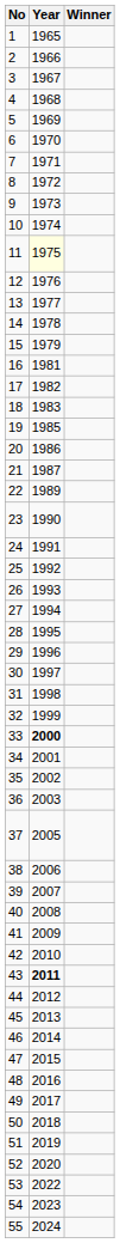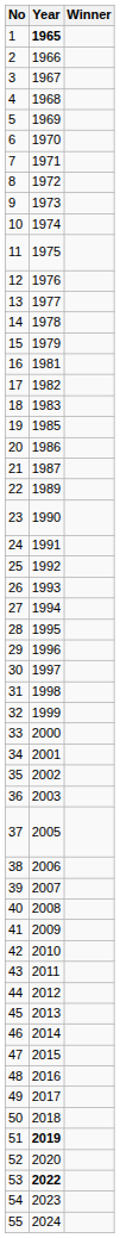 <table class="sortable wikitable">
 <tr>
 <th>No</th>
 <th>Year</th>
 <th>Winner</th>
 </tr>
 <tr>
 <td>1</td>
-<td>1965</td>
+<td><strong>1965</strong></td>
 <td></td>
 </tr>
 <tr>
 <td>2</td>
 <td>1966</td>
 <td><br> </td>
 </tr>
 <tr>
 <td>3</td>
 <td>1967</td>
 <td></td>
 </tr>
 <tr>
 <td>4</td>
 <td>1968</td>
 <td></td>
 </tr>
 <tr>
 <td>5</td>
 <td>1969</td>
 <td></td>
 </tr>
 <tr>
 <td>6</td>
 <td>1970</td>
 <td></td>
 </tr>
 <tr>
 <td>7</td>
 <td>1971</td>
 <td></td>
 </tr>
 <tr>
 <td>8</td>
 <td>1972</td>
 <td><br></td>
 </tr>
 <tr>
 <td>9</td>
 <td>1973</td>
 <td></td>
 </tr>
 <tr>
 <td>10</td>
 <td>1974</td>
 <td></td>
 </tr>
 <tr>
 <td>11</td>
-<td style="background: lightyellow;">1975</td>
+<td>1975</td>
 <td><br><br></td>
 </tr>
 <tr>
 <td>12</td>
 <td>1976</td>
 <td></td>
 </tr>
 <tr>
 <td>13</td>
 <td>1977</td>
 <td><br></td>
 </tr>
 <tr>
 <td>14</td>
 <td>1978</td>
 <td></td>
 </tr>
 <tr>
 <td>15</td>
 <td>1979</td>
 <td></td>
 </tr>
 <tr>
 <td>16</td>
 <td>1981</td>
 <td></td>
 </tr>
 <tr>
 <td>17</td>
 <td>1982</td>
 <td></td>
 </tr>
 <tr>
 <td>18</td>
 <td>1983</td>
 <td></td>
 </tr>
 <tr>
 <td>19</td>
 <td>1985</td>
 <td></td>
 </tr>
 <tr>
 <td>20</td>
 <td>1986</td>
 <td></td>
 </tr>
 <tr>
 <td>21</td>
 <td>1987</td>
 <td><br></td>
 </tr>
 <tr>
 <td>22</td>
 <td>1989</td>
 <td></td>
 </tr>
 <tr>
 <td>23</td>
 <td>1990</td>
 <td><br><br></td>
 </tr>
 <tr>
 <td>24</td>
 <td>1991</td>
 <td></td>
 </tr>
 <tr>
 <td>25</td>
 <td>1992</td>
 <td></td>
 </tr>
 <tr>
 <td>26</td>
 <td>1993</td>
 <td></td>
 </tr>
 <tr>
 <td>27</td>
 <td>1994</td>
 <td></td>
 </tr>
 <tr>
 <td>28</td>
 <td>1995</td>
 <td></td>
 </tr>
 <tr>
 <td>29</td>
 <td>1996</td>
 <td></td>
 </tr>
 <tr>
 <td>30</td>
 <td>1997</td>
 <td></td>
 </tr>
 <tr>
 <td>31</td>
 <td>1998</td>
 <td></td>
 </tr>
 <tr>
 <td>32</td>
 <td>1999</td>
 <td></td>
 </tr>
 <tr>
 <td>33</td>
-<td><strong>2000</strong></td>
+<td>2000</td>
 <td></td>
 </tr>
 <tr>
 <td>34</td>
 <td>2001</td>
 <td></td>
 </tr>
 <tr>
 <td>35</td>
 <td>2002</td>
 <td></td>
 </tr>
 <tr>
 <td>36</td>
 <td>2003</td>
 <td></td>
 </tr>
 <tr>
 <td>37</td>
 <td>2005</td>
 <td><br><br><br></td>
 </tr>
 <tr>
 <td>38</td>
 <td>2006</td>
 <td></td>
 </tr>
 <tr>
 <td>39</td>
 <td>2007</td>
 <td></td>
 </tr>
 <tr>
 <td>40</td>
 <td>2008</td>
 <td></td>
 </tr>
 <tr>
 <td>41</td>
 <td>2009</td>
 <td></td>
 </tr>
 <tr>
 <td>42</td>
 <td>2010</td>
 <td></td>
 </tr>
 <tr>
 <td>43</td>
-<td><strong>2011</strong></td>
+<td>2011</td>
 <td></td>
 </tr>
 <tr>
 <td>44</td>
 <td>2012</td>
 <td></td>
 </tr>
 <tr>
 <td>45</td>
 <td>2013</td>
 <td></td>
 </tr>
 <tr>
 <td>46</td>
 <td>2014</td>
 <td></td>
 </tr>
 <tr>
 <td>47</td>
 <td>2015</td>
 <td></td>
 </tr>
 <tr>
 <td>48</td>
 <td>2016</td>
 <td></td>
 </tr>
 <tr>
 <td>49</td>
 <td>2017</td>
 <td></td>
 </tr>
 <tr>
 <td>50</td>
 <td>2018</td>
 <td></td>
 </tr>
 <tr>
 <td>51</td>
-<td>2019</td>
+<td><strong>2019</strong></td>
 <td></td>
 </tr>
 <tr>
 <td>52</td>
 <td>2020</td>
 <td></td>
 </tr>
 <tr>
 <td>53</td>
-<td>2022</td>
+<td><strong>2022</strong></td>
 <td></td>
 </tr>
 <tr>
 <td>54</td>
 <td>2023</td>
 <td></td>
 </tr>
 <tr>
 <td>55</td>
 <td>2024</td>
 <td></td>
 </tr>
 </table>
